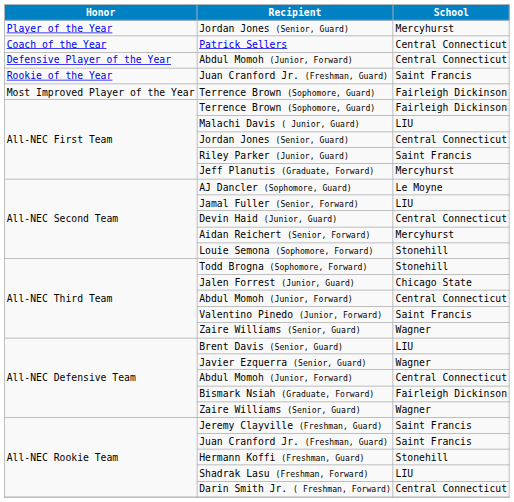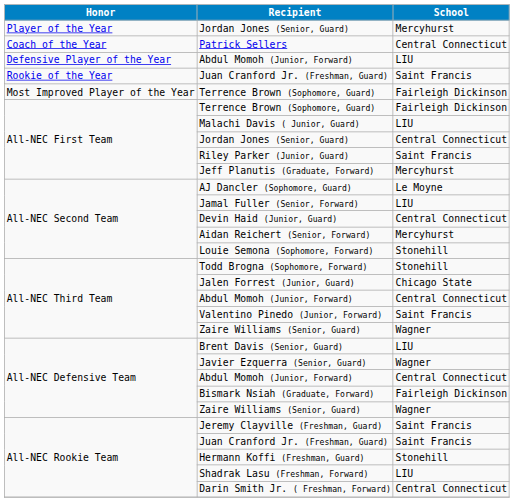 <table class="wikitable" border="1">
 <tr>
 <th align="center" style="background:#0081C4; color:#FFFFFF;">Honor</th>
 <th align="center" style="background:#0081C4; color:#FFFFFF;">Recipient</th>
 <th align="center" style="background:#0081C4; color:#FFFFFF;">School</th>
 </tr>
 <tr>
 <td valign="middle"><a href='#'>Player of the Year</a></td>
 <td>Jordan Jones <small>(Senior, Guard)</small></td>
 <td style=>Mercyhurst</td>
 </tr>
 <tr>
 <td><a href='#'>Coach of the Year</a></td>
 <td><a href='#'>Patrick Sellers</a></td>
 <td style=>Central Connecticut</td>
 </tr>
 <tr>
 <td><a href='#'>Defensive Player of the Year</a></td>
 <td>Abdul Momoh <small>(Junior, Forward)</small></td>
-<td style=>Central Connecticut</td>
+<td style=>LIU</td>
 </tr>
 <tr>
 <td><a href='#'>Rookie of the Year</a></td>
 <td>Juan Cranford Jr. <small>(Freshman, Guard)</small></td>
 <td style=>Saint Francis</td>
 </tr>
 <tr>
 <td>Most Improved Player of the Year</td>
 <td>Terrence Brown <small>(Sophomore, Guard)</small></td>
 <td style=>Fairleigh Dickinson</td>
 </tr>
 <tr>
 <td rowspan="5" valign="middle">All-NEC First Team</td>
 <td>Terrence Brown <small>(Sophomore, Guard)</small></td>
 <td style=>Fairleigh Dickinson</td>
 </tr>
 <tr>
 <td>Malachi Davis <small>( Junior, Guard)</small></td>
 <td style=>LIU</td>
 </tr>
 <tr>
 <td>Jordan Jones <small>(Senior, Guard)</small></td>
 <td style=>Central Connecticut</td>
 </tr>
 <tr>
 <td>Riley Parker <small>(Junior, Guard)</small></td>
 <td style=>Saint Francis</td>
 </tr>
 <tr>
 <td>Jeff Planutis <small>(Graduate, Forward)</small></td>
 <td style=>Mercyhurst</td>
 </tr>
 <tr>
 <td rowspan="5" valign="middle">All-NEC Second Team</td>
 <td>AJ Dancler <small>(Sophomore, Guard)</small></td>
 <td style=>Le Moyne</td>
 </tr>
 <tr>
 <td>Jamal Fuller <small>(Senior, Forward)</small></td>
 <td style=>LIU</td>
 </tr>
 <tr>
 <td>Devin Haid <small>(Junior, Guard)</small></td>
 <td style=>Central Connecticut</td>
 </tr>
 <tr>
 <td>Aidan Reichert <small>(Senior, Forward)</small></td>
 <td style=>Mercyhurst</td>
 </tr>
 <tr>
 <td>Louie Semona <small>(Sophomore, Forward)</small></td>
 <td style=>Stonehill</td>
 </tr>
 <tr>
 <td rowspan="5" valign="middle">All-NEC Third Team</td>
 <td>Todd Brogna <small>(Sophomore, Forward)</small></td>
 <td style=>Stonehill</td>
 </tr>
 <tr>
 <td>Jalen Forrest <small>(Junior, Guard)</small></td>
 <td style=>Chicago State</td>
 </tr>
 <tr>
 <td>Abdul Momoh <small>(Junior, Forward)</small></td>
 <td style=>Central Connecticut</td>
 </tr>
 <tr>
 <td>Valentino Pinedo <small>(Junior, Forward)</small></td>
 <td style=>Saint Francis</td>
 </tr>
 <tr>
 <td>Zaire Williams <small>(Senior, Guard)</small></td>
 <td style=>Wagner</td>
 </tr>
 <tr>
 <td rowspan="5" valign="middle">All-NEC Defensive Team</td>
 <td>Brent Davis <small>(Senior, Guard)</small></td>
 <td style=>LIU</td>
 </tr>
 <tr>
 <td>Javier Ezquerra <small>(Senior, Guard)</small></td>
 <td style=>Wagner</td>
 </tr>
 <tr>
 <td>Abdul Momoh <small>(Junior, Forward)</small></td>
 <td style=>Central Connecticut</td>
 </tr>
 <tr>
 <td>Bismark Nsiah <small>(Graduate, Forward)</small></td>
 <td style=>Fairleigh Dickinson</td>
 </tr>
 <tr>
 <td>Zaire Williams <small>(Senior, Guard)</small></td>
 <td style=>Wagner</td>
 </tr>
 <tr>
 <td rowspan="5" valign="middle">All-NEC Rookie Team</td>
 <td>Jeremy Clayville <small>(Freshman, Guard)</small></td>
 <td style=>Saint Francis</td>
 </tr>
 <tr>
 <td>Juan Cranford Jr. <small>(Freshman, Guard)</small></td>
 <td style=>Saint Francis</td>
 </tr>
 <tr>
 <td>Hermann Koffi <small>(Freshman, Guard)</small></td>
 <td style=>Stonehill</td>
 </tr>
 <tr>
 <td>Shadrak Lasu <small>(Freshman, Forward)</small></td>
 <td style=>LIU</td>
 </tr>
 <tr>
 <td>Darin Smith Jr. <small>( Freshman, Forward)</small></td>
 <td style=>Central Connecticut</td>
 </tr>
 <tr>
 </tr>
 </table>
